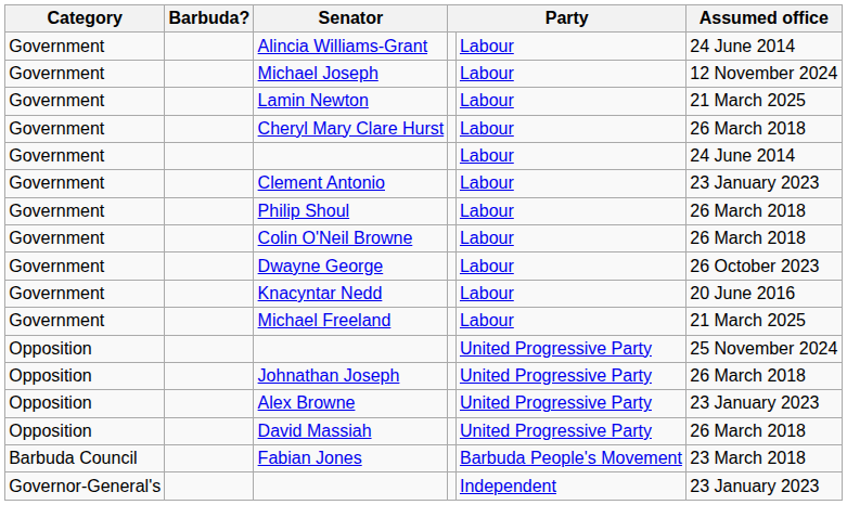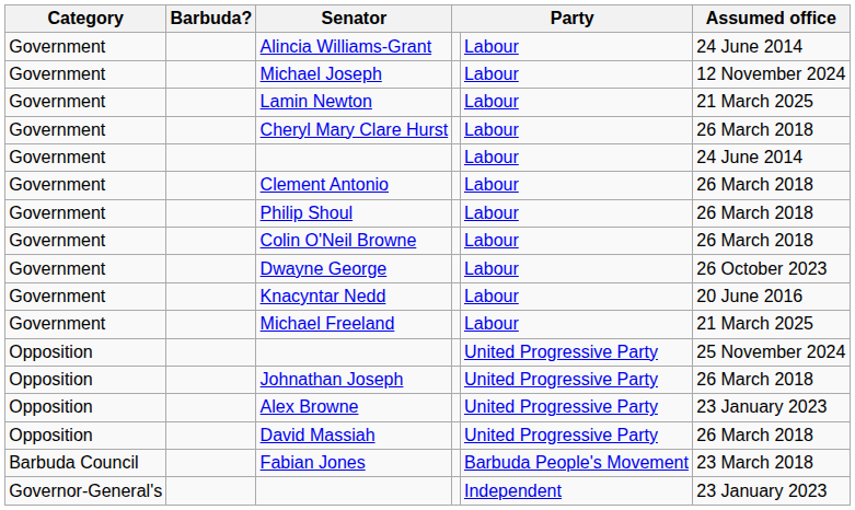 <table class="wikitable">
 <tr>
 <th>Category</th>
 <th>Barbuda?</th>
 <th>Senator</th>
 <th colspan="2">Party</th>
 <th>Assumed office</th>
 </tr>
 <tr>
 <td>Government</td>
 <td></td>
 <td><a href='#'>Alincia Williams-Grant</a></td>
 <td style="background-color:"></td>
 <td><a href='#'>Labour</a></td>
 <td>24 June 2014</td>
 </tr>
 <tr>
 <td>Government</td>
 <td></td>
 <td><a href='#'>Michael Joseph</a></td>
 <td style="background-color:"></td>
 <td><a href='#'>Labour</a></td>
 <td>12 November 2024</td>
 </tr>
 <tr>
 <td>Government</td>
 <td></td>
 <td><a href='#'>Lamin Newton</a></td>
 <td style="background-color:"></td>
 <td><a href='#'>Labour</a></td>
 <td>21 March 2025</td>
 </tr>
 <tr>
 <td>Government</td>
 <td></td>
 <td><a href='#'>Cheryl Mary Clare Hurst</a></td>
 <td style="background-color:"></td>
 <td><a href='#'>Labour</a></td>
 <td>26 March 2018</td>
 </tr>
 <tr>
 <td>Government</td>
 <td></td>
 <td></td>
 <td style="background-color:"></td>
 <td><a href='#'>Labour</a></td>
 <td>24 June 2014</td>
 </tr>
 <tr>
 <td>Government</td>
 <td></td>
 <td><a href='#'>Clement Antonio</a></td>
 <td style="background-color:"></td>
 <td><a href='#'>Labour</a></td>
-<td>23 January 2023</td>
+<td>26 March 2018</td>
 </tr>
 <tr>
 <td>Government</td>
 <td></td>
 <td><a href='#'>Philip Shoul</a></td>
 <td style="background-color:"></td>
 <td><a href='#'>Labour</a></td>
 <td>26 March 2018</td>
 </tr>
 <tr>
 <td>Government</td>
 <td></td>
 <td><a href='#'>Colin O'Neil Browne</a></td>
 <td style="background-color:"></td>
 <td><a href='#'>Labour</a></td>
 <td>26 March 2018</td>
 </tr>
 <tr>
 <td>Government</td>
 <td></td>
 <td><a href='#'>Dwayne George</a></td>
 <td style="background-color:"></td>
 <td><a href='#'>Labour</a></td>
 <td>26 October 2023</td>
 </tr>
 <tr>
 <td>Government</td>
 <td></td>
 <td><a href='#'>Knacyntar Nedd</a></td>
 <td style="background-color:"></td>
 <td><a href='#'>Labour</a></td>
 <td>20 June 2016</td>
 </tr>
 <tr>
 <td>Government</td>
 <td></td>
 <td><a href='#'>Michael Freeland</a></td>
 <td style="background-color:"></td>
 <td><a href='#'>Labour</a></td>
 <td>21 March 2025</td>
 </tr>
 <tr>
 <td>Opposition</td>
 <td></td>
 <td></td>
 <td style="background-color:"></td>
 <td><a href='#'>United Progressive Party</a></td>
 <td>25 November 2024</td>
 </tr>
 <tr>
 <td>Opposition</td>
 <td></td>
 <td><a href='#'>Johnathan Joseph</a></td>
 <td style="background-color:"></td>
 <td><a href='#'>United Progressive Party</a></td>
 <td>26 March 2018</td>
 </tr>
 <tr>
 <td>Opposition</td>
 <td></td>
 <td><a href='#'>Alex Browne</a></td>
 <td style="background-color:"></td>
 <td><a href='#'>United Progressive Party</a></td>
 <td>23 January 2023</td>
 </tr>
 <tr>
 <td>Opposition</td>
 <td></td>
 <td><a href='#'>David Massiah</a></td>
 <td style="background-color:"></td>
 <td><a href='#'>United Progressive Party</a></td>
 <td>26 March 2018</td>
 </tr>
 <tr>
 <td>Barbuda Council</td>
 <td></td>
 <td><a href='#'>Fabian Jones</a></td>
 <td style="background-color:"></td>
 <td><a href='#'>Barbuda People's Movement</a></td>
 <td>23 March 2018</td>
 </tr>
 <tr>
 <td>Governor-General's</td>
 <td></td>
 <td></td>
 <td style="background-color:"></td>
 <td><a href='#'>Independent</a></td>
 <td>23 January 2023</td>
 </tr>
 </table>
